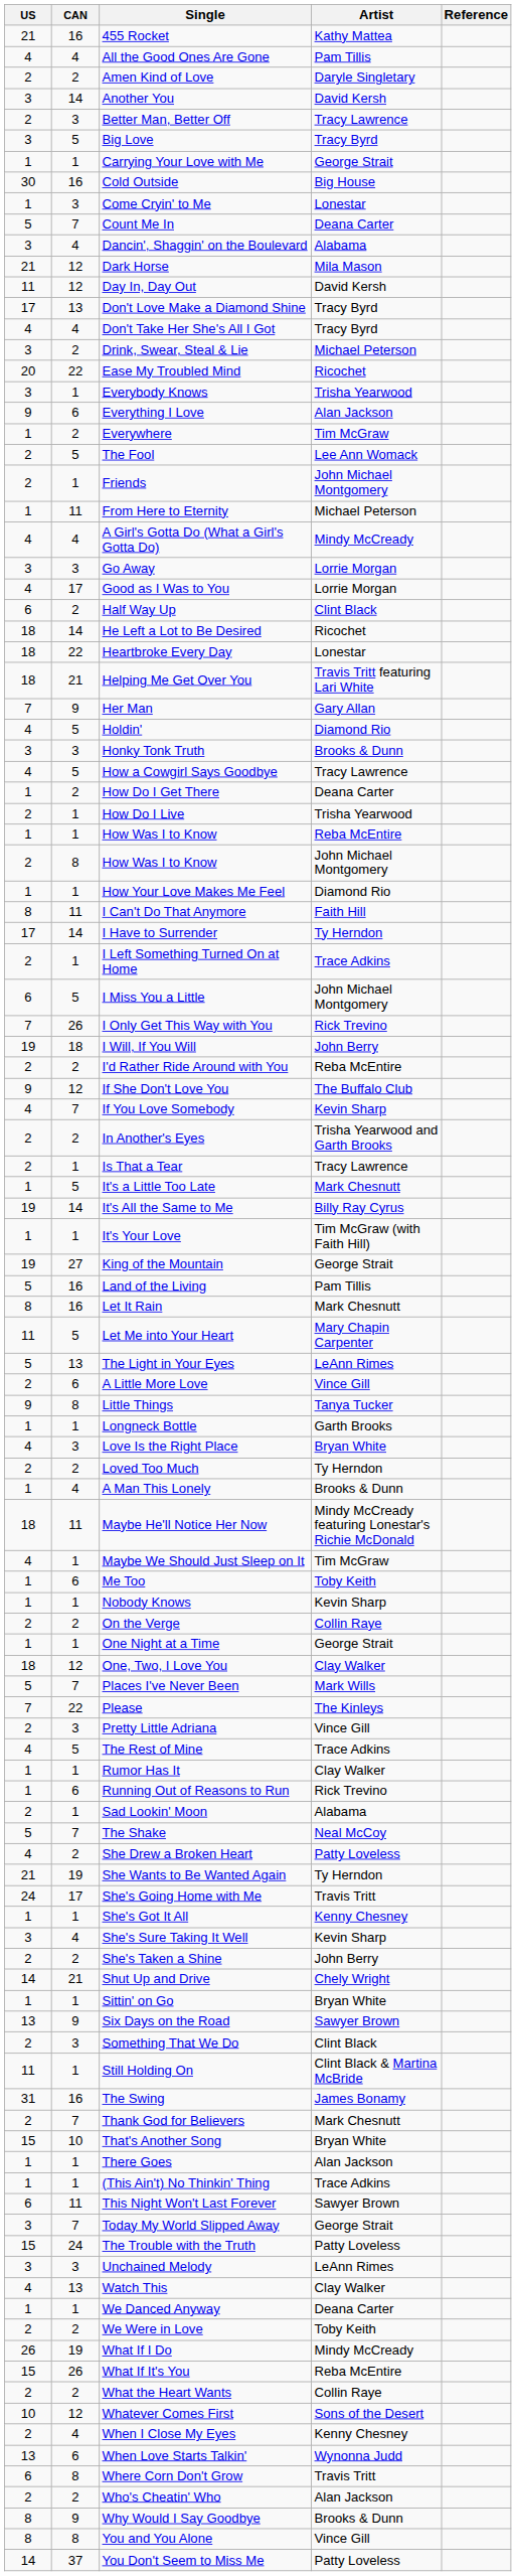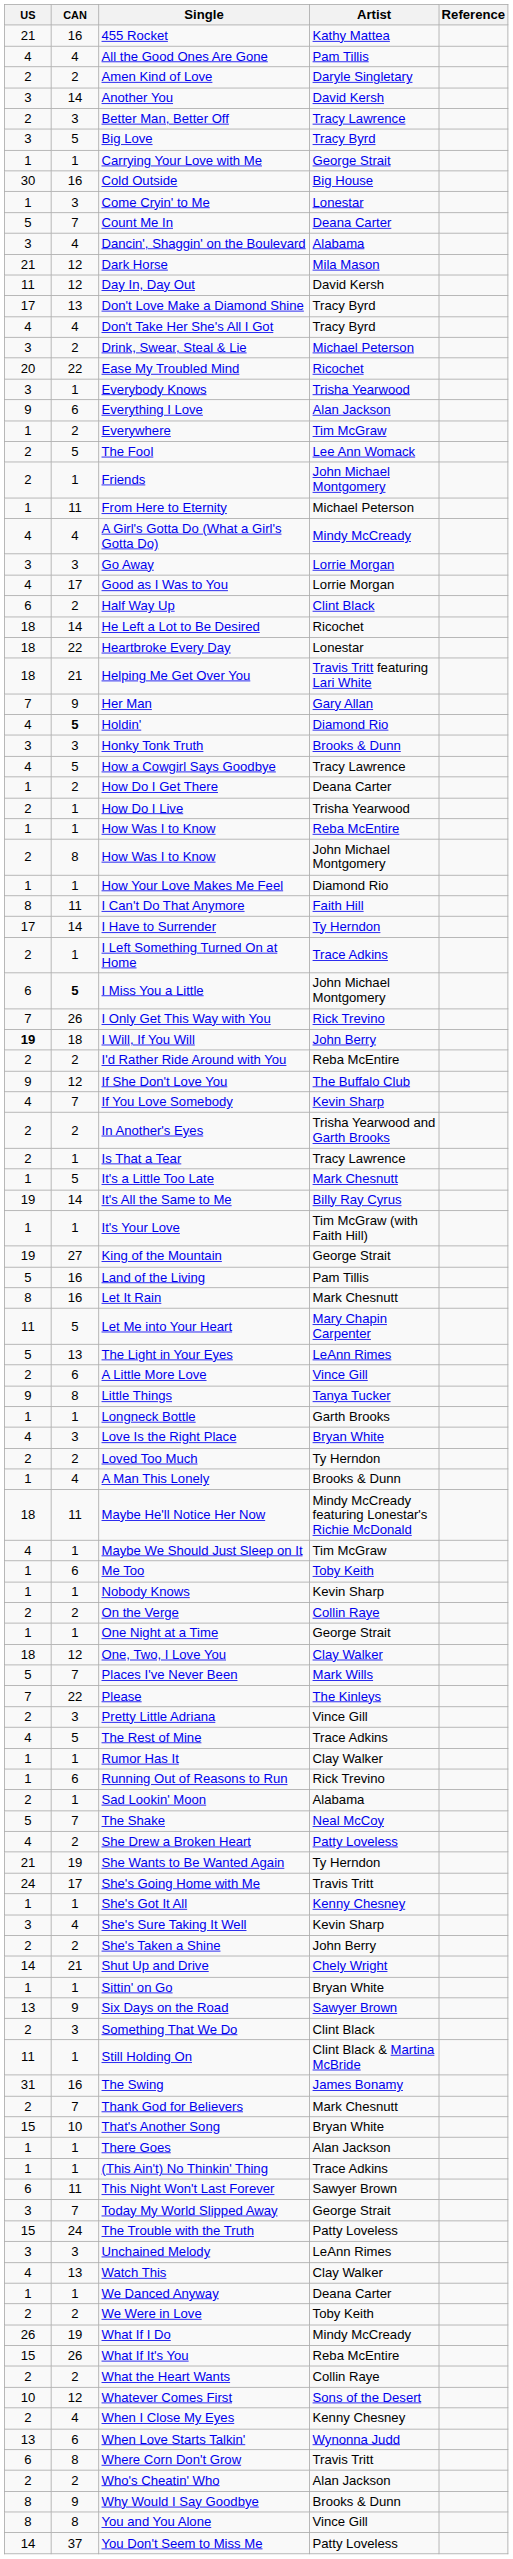 <table class="wikitable sortable">
 <tr>
 <th width="50"><small>US</small></th>
 <th width="50"><small>CAN</small></th>
 <th width="250">Single</th>
 <th width="150">Artist</th>
 <th>Reference</th>
 </tr>
 <tr>
 <td align="center">21</td>
 <td align="center">16</td>
 <td><a href='#'>455 Rocket</a></td>
 <td><a href='#'>Kathy Mattea</a></td>
 <td></td>
 </tr>
 <tr>
 <td align="center">4</td>
 <td align="center">4</td>
 <td><a href='#'>All the Good Ones Are Gone</a></td>
 <td><a href='#'>Pam Tillis</a></td>
 <td></td>
 </tr>
 <tr>
 <td align="center">2</td>
 <td align="center">2</td>
 <td><a href='#'>Amen Kind of Love</a></td>
 <td><a href='#'>Daryle Singletary</a></td>
 <td></td>
 </tr>
 <tr>
 <td align="center">3</td>
 <td align="center">14</td>
 <td><a href='#'>Another You</a></td>
 <td><a href='#'>David Kersh</a></td>
 <td></td>
 </tr>
 <tr>
 <td align="center">2</td>
 <td align="center">3</td>
 <td><a href='#'>Better Man, Better Off</a></td>
 <td><a href='#'>Tracy Lawrence</a></td>
 <td></td>
 </tr>
 <tr>
 <td align="center">3</td>
 <td align="center">5</td>
 <td><a href='#'>Big Love</a></td>
 <td><a href='#'>Tracy Byrd</a></td>
 <td></td>
 </tr>
 <tr>
 <td align="center">1</td>
 <td align="center">1</td>
 <td><a href='#'>Carrying Your Love with Me</a></td>
 <td><a href='#'>George Strait</a></td>
 <td></td>
 </tr>
 <tr>
 <td align="center">30</td>
 <td align="center">16</td>
 <td><a href='#'>Cold Outside</a></td>
 <td><a href='#'>Big House</a></td>
 <td></td>
 </tr>
 <tr>
 <td align="center">1</td>
 <td align="center">3</td>
 <td><a href='#'>Come Cryin' to Me</a></td>
 <td><a href='#'>Lonestar</a></td>
 <td></td>
 </tr>
 <tr>
 <td align="center">5</td>
 <td align="center">7</td>
 <td><a href='#'>Count Me In</a></td>
 <td><a href='#'>Deana Carter</a></td>
 <td></td>
 </tr>
 <tr>
 <td align="center">3</td>
 <td align="center">4</td>
 <td><a href='#'>Dancin', Shaggin' on the Boulevard</a></td>
 <td><a href='#'>Alabama</a></td>
 <td></td>
 </tr>
 <tr>
 <td align="center">21</td>
 <td align="center">12</td>
 <td><a href='#'>Dark Horse</a></td>
 <td><a href='#'>Mila Mason</a></td>
 <td></td>
 </tr>
 <tr>
 <td align="center">11</td>
 <td align="center">12</td>
 <td><a href='#'>Day In, Day Out</a></td>
 <td>David Kersh</td>
 <td></td>
 </tr>
 <tr>
 <td align="center">17</td>
 <td align="center">13</td>
 <td><a href='#'>Don't Love Make a Diamond Shine</a></td>
 <td>Tracy Byrd</td>
 <td></td>
 </tr>
 <tr>
 <td align="center">4</td>
 <td align="center">4</td>
 <td><a href='#'>Don't Take Her She's All I Got</a></td>
 <td>Tracy Byrd</td>
 <td></td>
 </tr>
 <tr>
 <td align="center">3</td>
 <td align="center">2</td>
 <td><a href='#'>Drink, Swear, Steal & Lie</a></td>
 <td><a href='#'>Michael Peterson</a></td>
 <td></td>
 </tr>
 <tr>
 <td align="center">20</td>
 <td align="center">22</td>
 <td><a href='#'>Ease My Troubled Mind</a></td>
 <td><a href='#'>Ricochet</a></td>
 <td></td>
 </tr>
 <tr>
 <td align="center">3</td>
 <td align="center">1</td>
 <td><a href='#'>Everybody Knows</a></td>
 <td><a href='#'>Trisha Yearwood</a></td>
 <td></td>
 </tr>
 <tr>
 <td align="center">9</td>
 <td align="center">6</td>
 <td><a href='#'>Everything I Love</a></td>
 <td><a href='#'>Alan Jackson</a></td>
 <td></td>
 </tr>
 <tr>
 <td align="center">1</td>
 <td align="center">2</td>
 <td><a href='#'>Everywhere</a></td>
 <td><a href='#'>Tim McGraw</a></td>
 <td></td>
 </tr>
 <tr>
 <td align="center">2</td>
 <td align="center">5</td>
 <td><a href='#'>The Fool</a></td>
 <td><a href='#'>Lee Ann Womack</a></td>
 <td></td>
 </tr>
 <tr>
 <td align="center">2</td>
 <td align="center">1</td>
 <td><a href='#'>Friends</a></td>
 <td><a href='#'>John Michael Montgomery</a></td>
 <td></td>
 </tr>
 <tr>
 <td align="center">1</td>
 <td align="center">11</td>
 <td><a href='#'>From Here to Eternity</a></td>
 <td>Michael Peterson</td>
 <td></td>
 </tr>
 <tr>
 <td align="center">4</td>
 <td align="center">4</td>
 <td><a href='#'>A Girl's Gotta Do (What a Girl's Gotta Do)</a></td>
 <td><a href='#'>Mindy McCready</a></td>
 <td></td>
 </tr>
 <tr>
 <td align="center">3</td>
 <td align="center">3</td>
 <td><a href='#'>Go Away</a></td>
 <td><a href='#'>Lorrie Morgan</a></td>
 <td></td>
 </tr>
 <tr>
 <td align="center">4</td>
 <td align="center">17</td>
 <td><a href='#'>Good as I Was to You</a></td>
 <td>Lorrie Morgan</td>
 <td></td>
 </tr>
 <tr>
 <td align="center">6</td>
 <td align="center">2</td>
 <td><a href='#'>Half Way Up</a></td>
 <td><a href='#'>Clint Black</a></td>
 <td></td>
 </tr>
 <tr>
 <td align="center">18</td>
 <td align="center">14</td>
 <td><a href='#'>He Left a Lot to Be Desired</a></td>
 <td>Ricochet</td>
 <td></td>
 </tr>
 <tr>
 <td align="center">18</td>
 <td align="center">22</td>
 <td><a href='#'>Heartbroke Every Day</a></td>
 <td>Lonestar</td>
 <td></td>
 </tr>
 <tr>
 <td align="center">18</td>
 <td align="center">21</td>
 <td><a href='#'>Helping Me Get Over You</a></td>
 <td><a href='#'>Travis Tritt</a> featuring <a href='#'>Lari White</a></td>
 <td></td>
 </tr>
 <tr>
 <td align="center">7</td>
 <td align="center">9</td>
 <td><a href='#'>Her Man</a></td>
 <td><a href='#'>Gary Allan</a></td>
 <td></td>
 </tr>
 <tr>
 <td align="center">4</td>
-<td align="center">5</td>
+<td align="center"><strong>5</strong></td>
 <td><a href='#'>Holdin'</a></td>
 <td><a href='#'>Diamond Rio</a></td>
 <td></td>
 </tr>
 <tr>
 <td align="center">3</td>
 <td align="center">3</td>
 <td><a href='#'>Honky Tonk Truth</a></td>
 <td><a href='#'>Brooks & Dunn</a></td>
 <td></td>
 </tr>
 <tr>
 <td align="center">4</td>
 <td align="center">5</td>
 <td><a href='#'>How a Cowgirl Says Goodbye</a></td>
 <td>Tracy Lawrence</td>
 <td></td>
 </tr>
 <tr>
 <td align="center">1</td>
 <td align="center">2</td>
 <td><a href='#'>How Do I Get There</a></td>
 <td>Deana Carter</td>
 <td></td>
 </tr>
 <tr>
 <td align="center">2</td>
 <td align="center">1</td>
 <td><a href='#'>How Do I Live</a></td>
 <td>Trisha Yearwood</td>
 <td></td>
 </tr>
 <tr>
 <td align="center">1</td>
 <td align="center">1</td>
 <td><a href='#'>How Was I to Know</a></td>
 <td><a href='#'>Reba McEntire</a></td>
 <td></td>
 </tr>
 <tr>
 <td align="center">2</td>
 <td align="center">8</td>
 <td><a href='#'>How Was I to Know</a></td>
 <td>John Michael Montgomery</td>
 <td></td>
 </tr>
 <tr>
 <td align="center">1</td>
 <td align="center">1</td>
 <td><a href='#'>How Your Love Makes Me Feel</a></td>
 <td>Diamond Rio</td>
 <td></td>
 </tr>
 <tr>
 <td align="center">8</td>
 <td align="center">11</td>
 <td><a href='#'>I Can't Do That Anymore</a></td>
 <td><a href='#'>Faith Hill</a></td>
 <td></td>
 </tr>
 <tr>
 <td align="center">17</td>
 <td align="center">14</td>
 <td><a href='#'>I Have to Surrender</a></td>
 <td><a href='#'>Ty Herndon</a></td>
 <td></td>
 </tr>
 <tr>
 <td align="center">2</td>
 <td align="center">1</td>
 <td><a href='#'>I Left Something Turned On at Home</a></td>
 <td><a href='#'>Trace Adkins</a></td>
 <td></td>
 </tr>
 <tr>
 <td align="center">6</td>
-<td align="center">5</td>
+<td align="center"><strong>5</strong></td>
 <td><a href='#'>I Miss You a Little</a></td>
 <td>John Michael Montgomery</td>
 <td></td>
 </tr>
 <tr>
 <td align="center">7</td>
 <td align="center">26</td>
 <td><a href='#'>I Only Get This Way with You</a></td>
 <td><a href='#'>Rick Trevino</a></td>
 <td></td>
 </tr>
 <tr>
-<td align="center">19</td>
+<td align="center"><strong>19</strong></td>
 <td align="center">18</td>
 <td><a href='#'>I Will, If You Will</a></td>
 <td><a href='#'>John Berry</a></td>
 <td></td>
 </tr>
 <tr>
 <td align="center">2</td>
 <td align="center">2</td>
 <td><a href='#'>I'd Rather Ride Around with You</a></td>
 <td>Reba McEntire</td>
 <td></td>
 </tr>
 <tr>
 <td align="center">9</td>
 <td align="center">12</td>
 <td><a href='#'>If She Don't Love You</a></td>
 <td><a href='#'>The Buffalo Club</a></td>
 <td></td>
 </tr>
 <tr>
 <td align="center">4</td>
 <td align="center">7</td>
 <td><a href='#'>If You Love Somebody</a></td>
 <td><a href='#'>Kevin Sharp</a></td>
 <td></td>
 </tr>
 <tr>
 <td align="center">2</td>
 <td align="center">2</td>
 <td><a href='#'>In Another's Eyes</a></td>
 <td>Trisha Yearwood and <a href='#'>Garth Brooks</a></td>
 <td></td>
 </tr>
 <tr>
 <td align="center">2</td>
 <td align="center">1</td>
 <td><a href='#'>Is That a Tear</a></td>
 <td>Tracy Lawrence</td>
 <td></td>
 </tr>
 <tr>
 <td align="center">1</td>
 <td align="center">5</td>
 <td><a href='#'>It's a Little Too Late</a></td>
 <td><a href='#'>Mark Chesnutt</a></td>
 <td></td>
 </tr>
 <tr>
 <td align="center">19</td>
 <td align="center">14</td>
 <td><a href='#'>It's All the Same to Me</a></td>
 <td><a href='#'>Billy Ray Cyrus</a></td>
 <td></td>
 </tr>
 <tr>
 <td align="center">1</td>
 <td align="center">1</td>
 <td><a href='#'>It's Your Love</a></td>
 <td>Tim McGraw (with Faith Hill)</td>
 <td></td>
 </tr>
 <tr>
 <td align="center">19</td>
 <td align="center">27</td>
 <td><a href='#'>King of the Mountain</a></td>
 <td>George Strait</td>
 <td></td>
 </tr>
 <tr>
 <td align="center">5</td>
 <td align="center">16</td>
 <td><a href='#'>Land of the Living</a></td>
 <td>Pam Tillis</td>
 <td></td>
 </tr>
 <tr>
 <td align="center">8</td>
 <td align="center">16</td>
 <td><a href='#'>Let It Rain</a></td>
 <td>Mark Chesnutt</td>
 <td></td>
 </tr>
 <tr>
 <td align="center">11</td>
 <td align="center">5</td>
 <td><a href='#'>Let Me into Your Heart</a></td>
 <td><a href='#'>Mary Chapin Carpenter</a></td>
 <td></td>
 </tr>
 <tr>
 <td align="center">5</td>
 <td align="center">13</td>
 <td><a href='#'>The Light in Your Eyes</a></td>
 <td><a href='#'>LeAnn Rimes</a></td>
 <td></td>
 </tr>
 <tr>
 <td align="center">2</td>
 <td align="center">6</td>
 <td><a href='#'>A Little More Love</a></td>
 <td><a href='#'>Vince Gill</a></td>
 <td></td>
 </tr>
 <tr>
 <td align="center">9</td>
 <td align="center">8</td>
 <td><a href='#'>Little Things</a></td>
 <td><a href='#'>Tanya Tucker</a></td>
 <td></td>
 </tr>
 <tr>
 <td align="center">1</td>
 <td align="center">1</td>
 <td><a href='#'>Longneck Bottle</a></td>
 <td>Garth Brooks</td>
 <td></td>
 </tr>
 <tr>
 <td align="center">4</td>
 <td align="center">3</td>
 <td><a href='#'>Love Is the Right Place</a></td>
 <td><a href='#'>Bryan White</a></td>
 <td></td>
 </tr>
 <tr>
 <td align="center">2</td>
 <td align="center">2</td>
 <td><a href='#'>Loved Too Much</a></td>
 <td>Ty Herndon</td>
 <td></td>
 </tr>
 <tr>
 <td align="center">1</td>
 <td align="center">4</td>
 <td><a href='#'>A Man This Lonely</a></td>
 <td>Brooks & Dunn</td>
 <td></td>
 </tr>
 <tr>
 <td align="center">18</td>
 <td align="center">11</td>
 <td><a href='#'>Maybe He'll Notice Her Now</a></td>
 <td>Mindy McCready featuring Lonestar's <a href='#'>Richie McDonald</a></td>
 <td></td>
 </tr>
 <tr>
 <td align="center">4</td>
 <td align="center">1</td>
 <td><a href='#'>Maybe We Should Just Sleep on It</a></td>
 <td>Tim McGraw</td>
 <td></td>
 </tr>
 <tr>
 <td align="center">1</td>
 <td align="center">6</td>
 <td><a href='#'>Me Too</a></td>
 <td><a href='#'>Toby Keith</a></td>
 <td></td>
 </tr>
 <tr>
 <td align="center">1</td>
 <td align="center">1</td>
 <td><a href='#'>Nobody Knows</a></td>
 <td>Kevin Sharp</td>
 <td></td>
 </tr>
 <tr>
 <td align="center">2</td>
 <td align="center">2</td>
 <td><a href='#'>On the Verge</a></td>
 <td><a href='#'>Collin Raye</a></td>
 <td></td>
 </tr>
 <tr>
 <td align="center">1</td>
 <td align="center">1</td>
 <td><a href='#'>One Night at a Time</a></td>
 <td>George Strait</td>
 <td></td>
 </tr>
 <tr>
 <td align="center">18</td>
 <td align="center">12</td>
 <td><a href='#'>One, Two, I Love You</a></td>
 <td><a href='#'>Clay Walker</a></td>
 <td></td>
 </tr>
 <tr>
 <td align="center">5</td>
 <td align="center">7</td>
 <td><a href='#'>Places I've Never Been</a></td>
 <td><a href='#'>Mark Wills</a></td>
 <td></td>
 </tr>
 <tr>
 <td align="center">7</td>
 <td align="center">22</td>
 <td><a href='#'>Please</a></td>
 <td><a href='#'>The Kinleys</a></td>
 <td></td>
 </tr>
 <tr>
 <td align="center">2</td>
 <td align="center">3</td>
 <td><a href='#'>Pretty Little Adriana</a></td>
 <td>Vince Gill</td>
 <td></td>
 </tr>
 <tr>
 <td align="center">4</td>
 <td align="center">5</td>
 <td><a href='#'>The Rest of Mine</a></td>
 <td>Trace Adkins</td>
 <td></td>
 </tr>
 <tr>
 <td align="center">1</td>
 <td align="center">1</td>
 <td><a href='#'>Rumor Has It</a></td>
 <td>Clay Walker</td>
 <td></td>
 </tr>
 <tr>
 <td align="center">1</td>
 <td align="center">6</td>
 <td><a href='#'>Running Out of Reasons to Run</a></td>
 <td>Rick Trevino</td>
 <td></td>
 </tr>
 <tr>
 <td align="center">2</td>
 <td align="center">1</td>
 <td><a href='#'>Sad Lookin' Moon</a></td>
 <td>Alabama</td>
 <td></td>
 </tr>
 <tr>
 <td align="center">5</td>
 <td align="center">7</td>
 <td><a href='#'>The Shake</a></td>
 <td><a href='#'>Neal McCoy</a></td>
 <td></td>
 </tr>
 <tr>
 <td align="center">4</td>
 <td align="center">2</td>
 <td><a href='#'>She Drew a Broken Heart</a></td>
 <td><a href='#'>Patty Loveless</a></td>
 <td></td>
 </tr>
 <tr>
 <td align="center">21</td>
 <td align="center">19</td>
 <td><a href='#'>She Wants to Be Wanted Again</a></td>
 <td>Ty Herndon</td>
 <td></td>
 </tr>
 <tr>
 <td align="center">24</td>
 <td align="center">17</td>
 <td><a href='#'>She's Going Home with Me</a></td>
 <td>Travis Tritt</td>
 <td></td>
 </tr>
 <tr>
 <td align="center">1</td>
 <td align="center">1</td>
 <td><a href='#'>She's Got It All</a></td>
 <td><a href='#'>Kenny Chesney</a></td>
 <td></td>
 </tr>
 <tr>
 <td align="center">3</td>
 <td align="center">4</td>
 <td><a href='#'>She's Sure Taking It Well</a></td>
 <td>Kevin Sharp</td>
 <td></td>
 </tr>
 <tr>
 <td align="center">2</td>
 <td align="center">2</td>
 <td><a href='#'>She's Taken a Shine</a></td>
 <td>John Berry</td>
 <td></td>
 </tr>
 <tr>
 <td align="center">14</td>
 <td align="center">21</td>
 <td><a href='#'>Shut Up and Drive</a></td>
 <td><a href='#'>Chely Wright</a></td>
 <td></td>
 </tr>
 <tr>
 <td align="center">1</td>
 <td align="center">1</td>
 <td><a href='#'>Sittin' on Go</a></td>
 <td>Bryan White</td>
 <td></td>
 </tr>
 <tr>
 <td align="center">13</td>
 <td align="center">9</td>
 <td><a href='#'>Six Days on the Road</a></td>
 <td><a href='#'>Sawyer Brown</a></td>
 <td></td>
 </tr>
 <tr>
 <td align="center">2</td>
 <td align="center">3</td>
 <td><a href='#'>Something That We Do</a></td>
 <td>Clint Black</td>
 <td></td>
 </tr>
 <tr>
 <td align="center">11</td>
 <td align="center">1</td>
 <td><a href='#'>Still Holding On</a></td>
 <td>Clint Black & <a href='#'>Martina McBride</a></td>
 <td></td>
 </tr>
 <tr>
 <td align="center">31</td>
 <td align="center">16</td>
 <td><a href='#'>The Swing</a></td>
 <td><a href='#'>James Bonamy</a></td>
 <td></td>
 </tr>
 <tr>
 <td align="center">2</td>
 <td align="center">7</td>
 <td><a href='#'>Thank God for Believers</a></td>
 <td>Mark Chesnutt</td>
 <td></td>
 </tr>
 <tr>
 <td align="center">15</td>
 <td align="center">10</td>
 <td><a href='#'>That's Another Song</a></td>
 <td>Bryan White</td>
 <td></td>
 </tr>
 <tr>
 <td align="center">1</td>
 <td align="center">1</td>
 <td><a href='#'>There Goes</a></td>
 <td>Alan Jackson</td>
 <td></td>
 </tr>
 <tr>
 <td align="center">1</td>
 <td align="center">1</td>
 <td><a href='#'>(This Ain't) No Thinkin' Thing</a></td>
 <td>Trace Adkins</td>
 <td></td>
 </tr>
 <tr>
 <td align="center">6</td>
 <td align="center">11</td>
 <td><a href='#'>This Night Won't Last Forever</a></td>
 <td>Sawyer Brown</td>
 <td></td>
 </tr>
 <tr>
 <td align="center">3</td>
 <td align="center">7</td>
 <td><a href='#'>Today My World Slipped Away</a></td>
 <td>George Strait</td>
 <td></td>
 </tr>
 <tr>
 <td align="center">15</td>
 <td align="center">24</td>
 <td><a href='#'>The Trouble with the Truth</a></td>
 <td>Patty Loveless</td>
 <td></td>
 </tr>
 <tr>
 <td align="center">3</td>
 <td align="center">3</td>
 <td><a href='#'>Unchained Melody</a></td>
 <td>LeAnn Rimes</td>
 <td></td>
 </tr>
 <tr>
 <td align="center">4</td>
 <td align="center">13</td>
 <td><a href='#'>Watch This</a></td>
 <td>Clay Walker</td>
 <td></td>
 </tr>
 <tr>
 <td align="center">1</td>
 <td align="center">1</td>
 <td><a href='#'>We Danced Anyway</a></td>
 <td>Deana Carter</td>
 <td></td>
 </tr>
 <tr>
 <td align="center">2</td>
 <td align="center">2</td>
 <td><a href='#'>We Were in Love</a></td>
 <td>Toby Keith</td>
 <td></td>
 </tr>
 <tr>
 <td align="center">26</td>
 <td align="center">19</td>
 <td><a href='#'>What If I Do</a></td>
 <td>Mindy McCready</td>
 <td></td>
 </tr>
 <tr>
 <td align="center">15</td>
 <td align="center">26</td>
 <td><a href='#'>What If It's You</a></td>
 <td>Reba McEntire</td>
 <td></td>
 </tr>
 <tr>
 <td align="center">2</td>
 <td align="center">2</td>
 <td><a href='#'>What the Heart Wants</a></td>
 <td>Collin Raye</td>
 <td></td>
 </tr>
 <tr>
 <td align="center">10</td>
 <td align="center">12</td>
 <td><a href='#'>Whatever Comes First</a></td>
 <td><a href='#'>Sons of the Desert</a></td>
 <td></td>
 </tr>
 <tr>
 <td align="center">2</td>
 <td align="center">4</td>
 <td><a href='#'>When I Close My Eyes</a></td>
 <td>Kenny Chesney</td>
 <td></td>
 </tr>
 <tr>
 <td align="center">13</td>
 <td align="center">6</td>
 <td><a href='#'>When Love Starts Talkin'</a></td>
 <td><a href='#'>Wynonna Judd</a></td>
 <td></td>
 </tr>
 <tr>
 <td align="center">6</td>
 <td align="center">8</td>
 <td><a href='#'>Where Corn Don't Grow</a></td>
 <td>Travis Tritt</td>
 <td></td>
 </tr>
 <tr>
 <td align="center">2</td>
 <td align="center">2</td>
 <td><a href='#'>Who's Cheatin' Who</a></td>
 <td>Alan Jackson</td>
 <td></td>
 </tr>
 <tr>
 <td align="center">8</td>
 <td align="center">9</td>
 <td><a href='#'>Why Would I Say Goodbye</a></td>
 <td>Brooks & Dunn</td>
 <td></td>
 </tr>
 <tr>
 <td align="center">8</td>
 <td align="center">8</td>
 <td><a href='#'>You and You Alone</a></td>
 <td>Vince Gill</td>
 <td></td>
 </tr>
 <tr>
 <td align="center">14</td>
 <td align="center">37</td>
 <td><a href='#'>You Don't Seem to Miss Me</a></td>
 <td>Patty Loveless</td>
 <td></td>
 </tr>
 </table>
